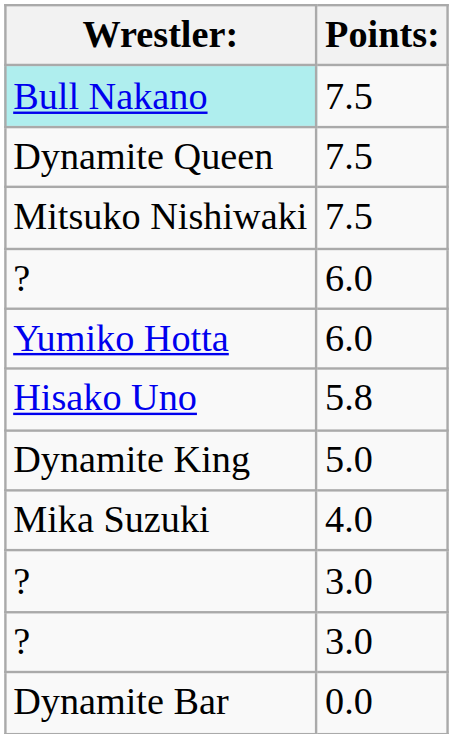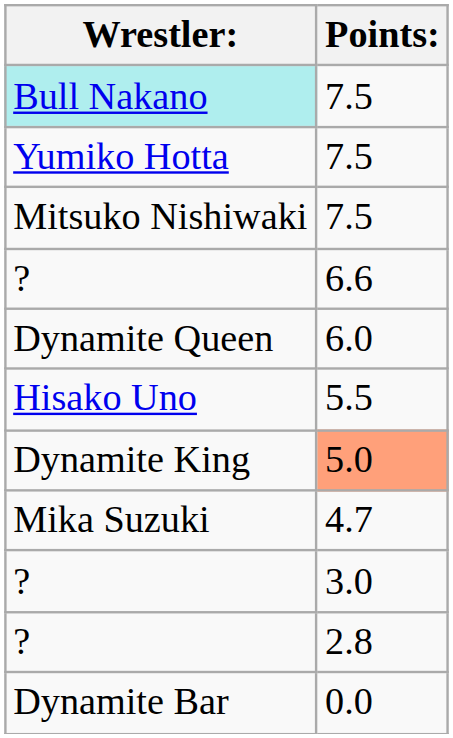 <table class="wikitable" style="margin: 1em auto 1em auto">
 <tr>
 <th>Wrestler:</th>
 <th>Points:</th>
 </tr>
 <tr>
 <td style="background: paleturquoise;"><a href='#'>Bull Nakano</a></td>
 <td>7.5</td>
 </tr>
 <tr>
-<td>Dynamite Queen</td>
+<td><a href='#'>Yumiko Hotta</a></td>
 <td>7.5</td>
 </tr>
 <tr>
 <td>Mitsuko Nishiwaki</td>
 <td>7.5</td>
 </tr>
 <tr>
 <td>?</td>
-<td>6.0</td>
+<td>6.6</td>
 </tr>
 <tr>
-<td><a href='#'>Yumiko Hotta</a></td>
+<td>Dynamite Queen</td>
 <td>6.0</td>
 </tr>
 <tr>
 <td><a href='#'>Hisako Uno</a></td>
-<td>5.8</td>
+<td>5.5</td>
 </tr>
 <tr>
 <td>Dynamite King</td>
-<td>5.0</td>
+<td style="background: lightsalmon;">5.0</td>
 </tr>
 <tr>
 <td>Mika Suzuki</td>
-<td>4.0</td>
+<td>4.7</td>
 </tr>
 <tr>
 <td>?</td>
 <td>3.0</td>
 </tr>
 <tr>
 <td>?</td>
-<td>3.0</td>
+<td>2.8</td>
 </tr>
 <tr>
 <td>Dynamite Bar</td>
 <td>0.0</td>
 </tr>
 </table>
